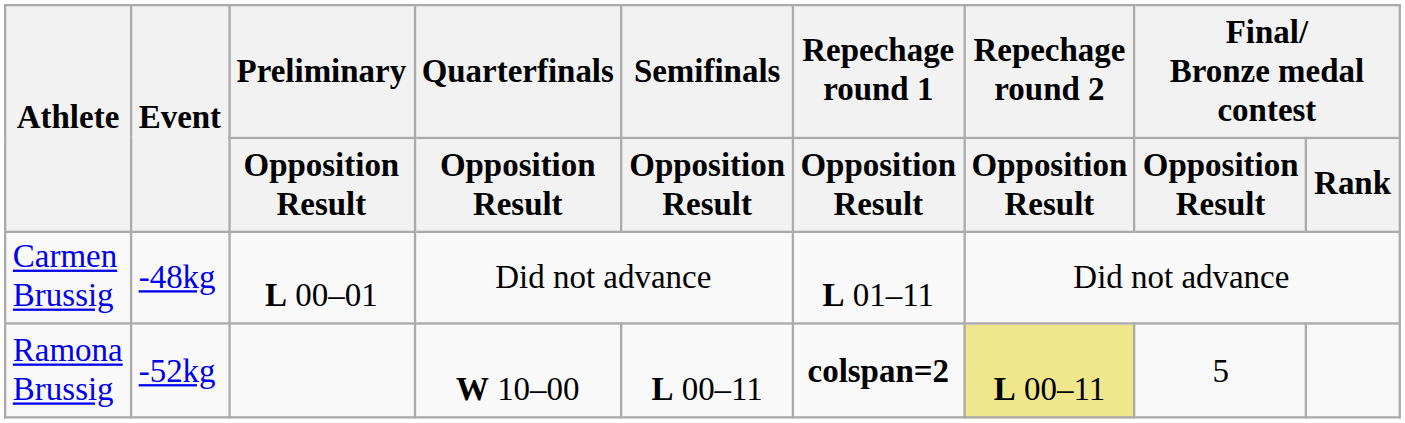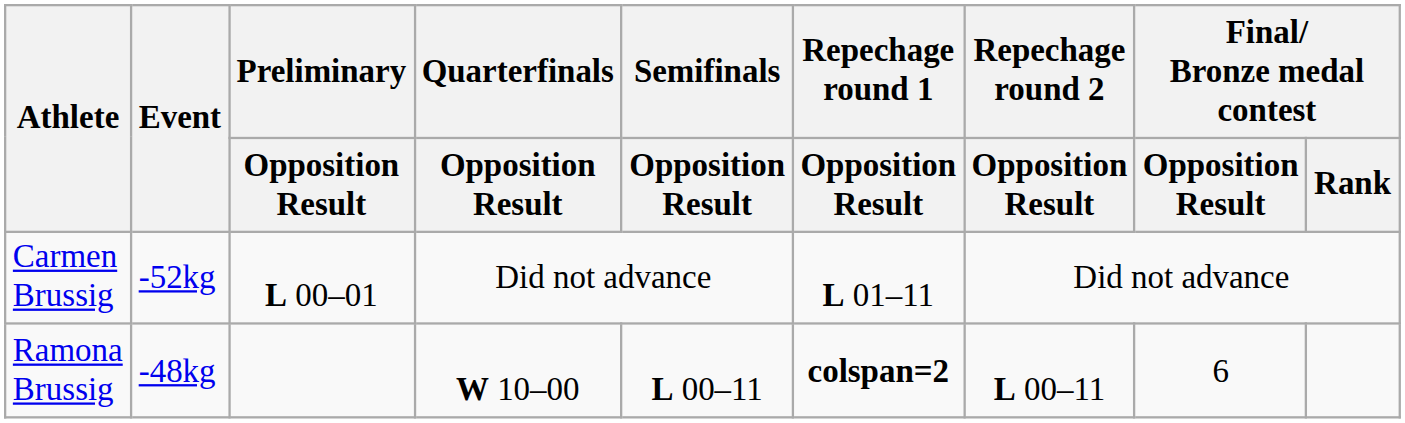 <table class= wikitable style="font-size:90%">
 <tr>
 <th rowspan="2">Athlete</th>
 <th rowspan="2">Event</th>
 <th>Preliminary</th>
 <th>Quarterfinals</th>
 <th>Semifinals</th>
 <th>Repechage <br>round 1</th>
 <th>Repechage <br>round 2</th>
 <th colspan=2>Final/<br>Bronze medal contest</th>
 </tr>
 <tr>
 <th>Opposition<br>Result</th>
 <th>Opposition<br>Result</th>
 <th>Opposition<br>Result</th>
 <th>Opposition<br>Result</th>
 <th>Opposition<br>Result</th>
 <th>Opposition<br>Result</th>
 <th>Rank</th>
 </tr>
 <tr align=center>
 <td align=left><a href='#'>Carmen Brussig</a></td>
-<td align=left><a href='#'>-48kg</a></td>
+<td align=left><a href='#'>-52kg</a></td>
 <td><br><strong>L</strong> 00–01</td>
 <td colspan=2>Did not advance</td>
 <td><br><strong>L</strong> 01–11</td>
 <td colspan=3>Did not advance</td>
 </tr>
 <tr align=center>
 <td align=left><a href='#'>Ramona Brussig</a></td>
-<td align=left><a href='#'>-52kg</a></td>
+<td align=left><a href='#'>-48kg</a></td>
 <td></td>
 <td><br><strong>W</strong> 10–00</td>
 <td><br><strong>L</strong> 00–11</td>
 <td><strong>colspan=2</strong></td>
-<td style="background: khaki;"><br><strong>L</strong> 00–11</td>
-<td>5</td>
+<td><br><strong>L</strong> 00–11</td>
+<td>6</td>
 </tr>
 </table>
